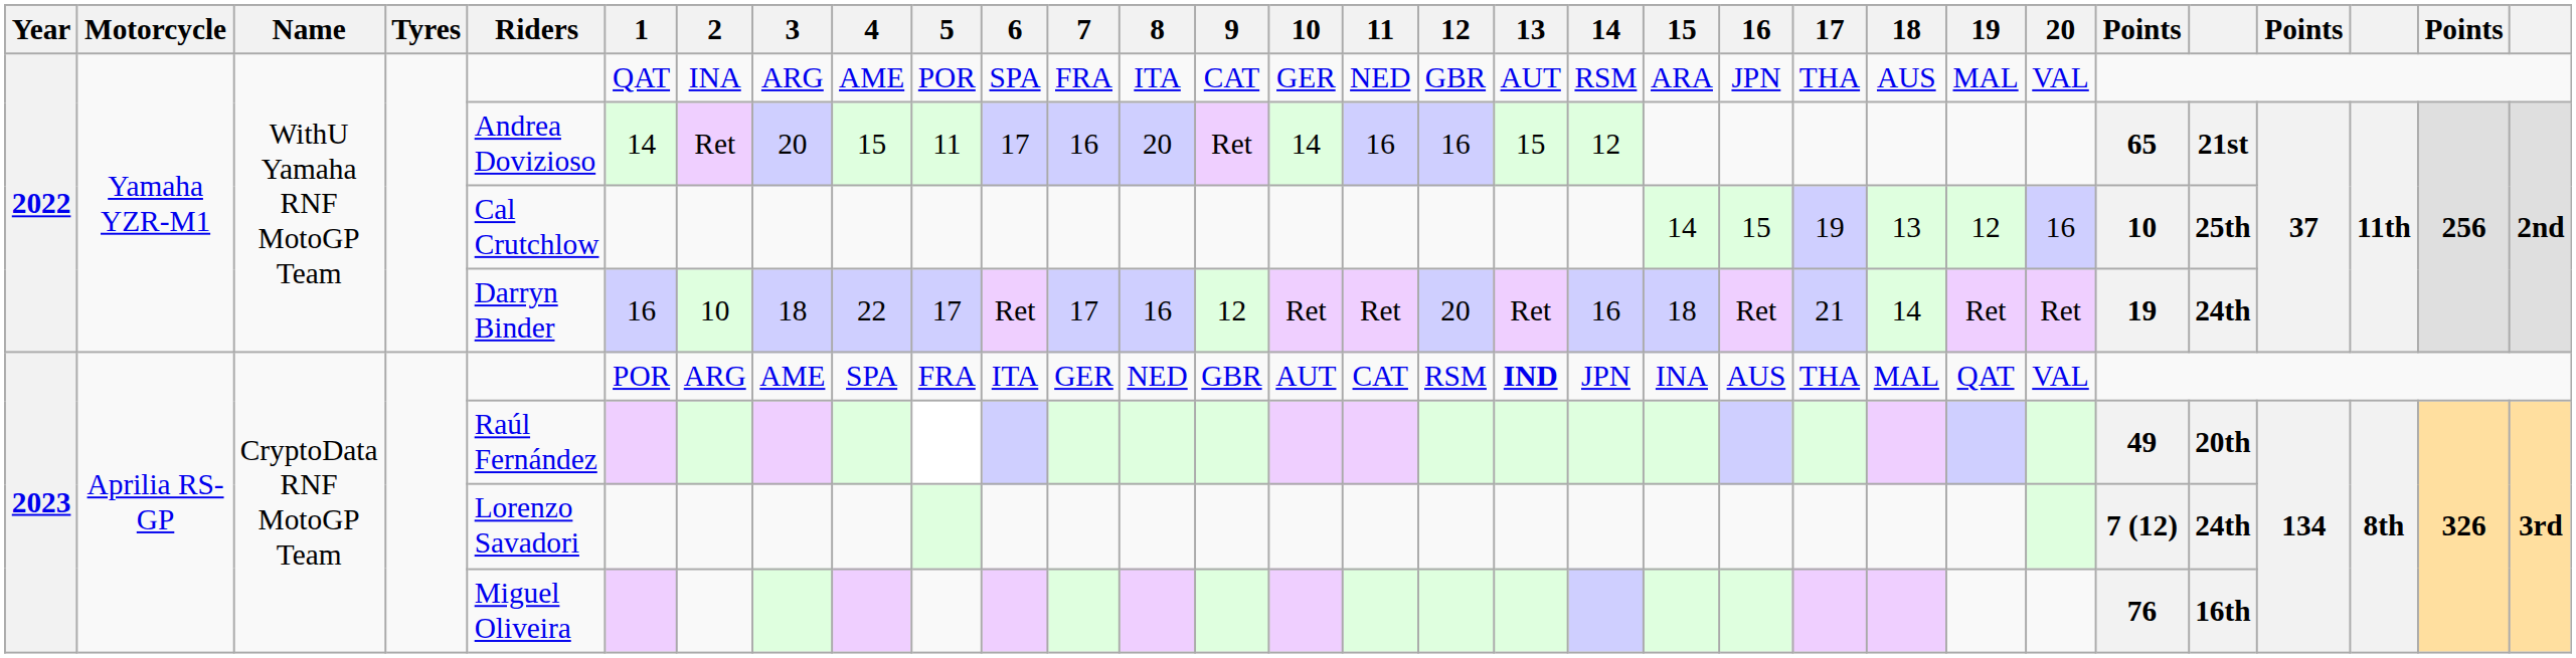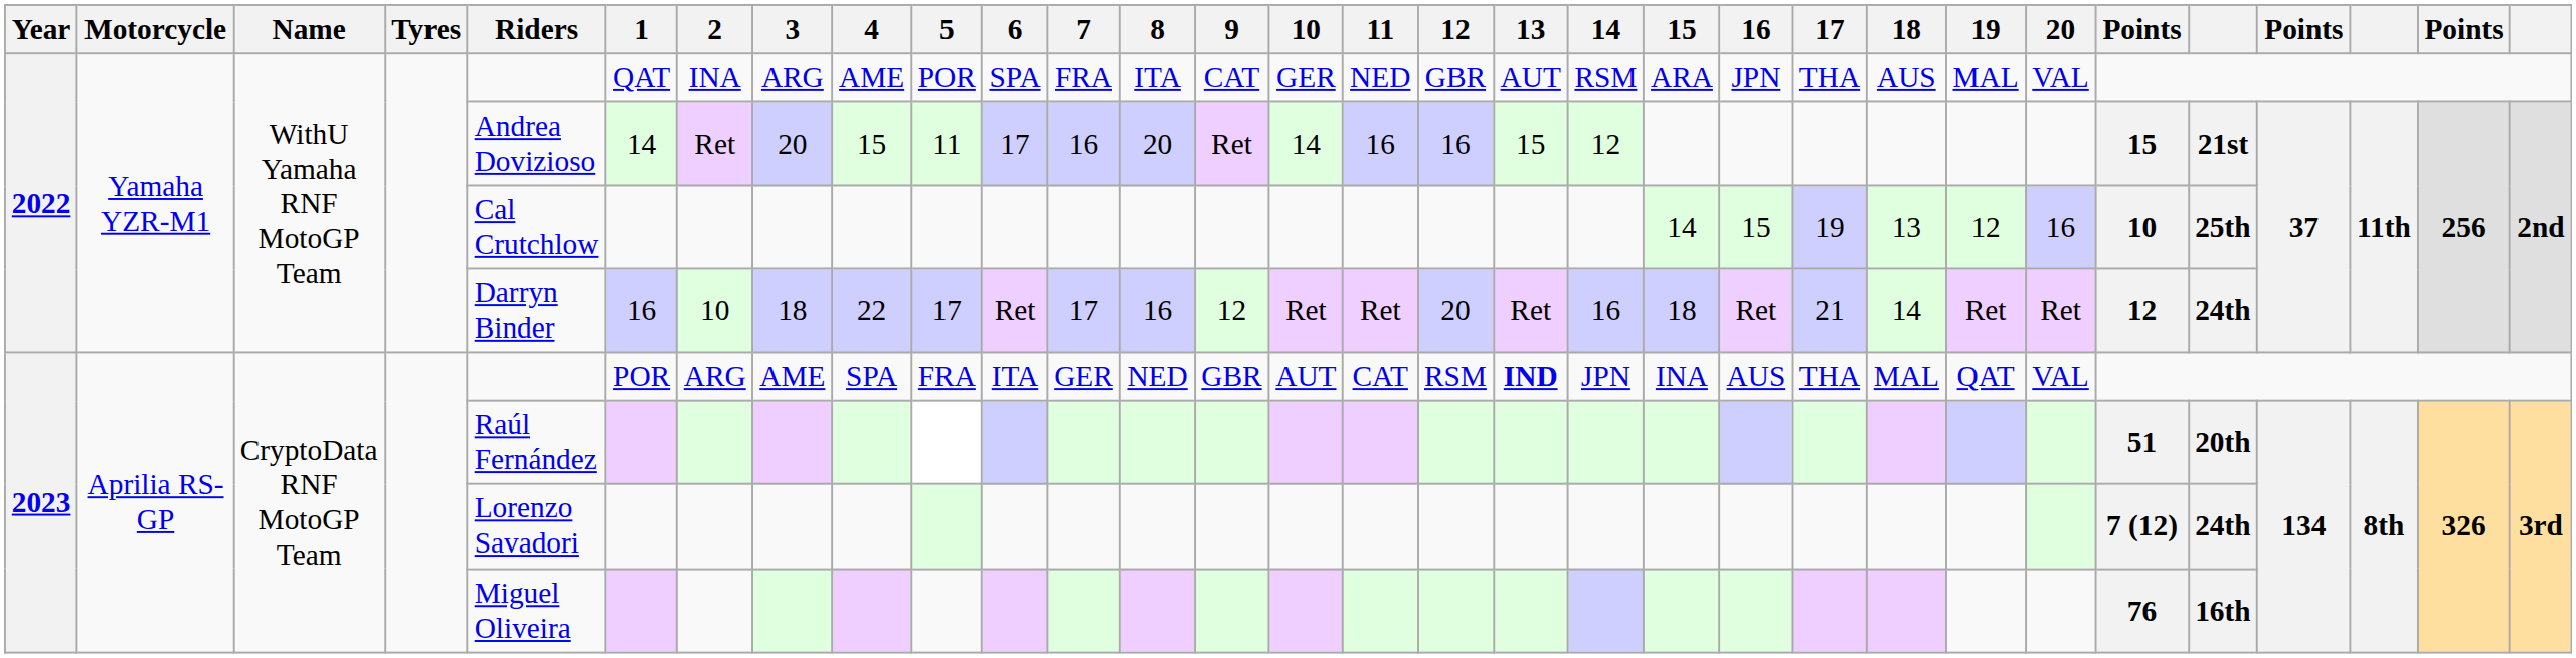 <table class="wikitable" border="1" style="text-align:center; font-size:95%">
 <tr>
 <th scope="col">Year</th>
 <th scope="col">Motorcycle</th>
 <th scope="col">Name</th>
 <th scope="col">Tyres</th>
 <th scope="col">Riders</th>
 <th scope="col">1</th>
 <th scope="col">2</th>
 <th scope="col">3</th>
 <th scope="col">4</th>
 <th scope="col">5</th>
 <th scope="col">6</th>
 <th scope="col">7</th>
 <th scope="col">8</th>
 <th scope="col">9</th>
 <th scope="col">10</th>
 <th scope="col">11</th>
 <th scope="col">12</th>
 <th scope="col">13</th>
 <th scope="col">14</th>
 <th scope="col">15</th>
 <th scope="col">16</th>
 <th scope="col">17</th>
 <th scope="col">18</th>
 <th scope="col">19</th>
 <th scope="col">20</th>
 <th>Points</th>
 <th></th>
 <th>Points</th>
 <th></th>
 <th>Points</th>
 <th></th>
 </tr>
 <tr>
 <th rowspan="4"><a href='#'>2022</a></th>
 <td rowspan="4"><a href='#'>Yamaha YZR-M1</a></td>
 <td rowspan="4">WithU Yamaha RNF MotoGP Team</td>
 <td rowspan="4"></td>
 <td></td>
 <td><a href='#'>QAT</a></td>
 <td><a href='#'>INA</a></td>
 <td><a href='#'>ARG</a></td>
 <td><a href='#'>AME</a></td>
 <td><a href='#'>POR</a></td>
 <td><a href='#'>SPA</a></td>
 <td><a href='#'>FRA</a></td>
 <td><a href='#'>ITA</a></td>
 <td><a href='#'>CAT</a></td>
 <td><a href='#'>GER</a></td>
 <td><a href='#'>NED</a></td>
 <td><a href='#'>GBR</a></td>
 <td><a href='#'>AUT</a></td>
 <td><a href='#'>RSM</a></td>
 <td><a href='#'>ARA</a></td>
 <td><a href='#'>JPN</a></td>
 <td><a href='#'>THA</a></td>
 <td><a href='#'>AUS</a></td>
 <td><a href='#'>MAL</a></td>
 <td><a href='#'>VAL</a></td>
 <td colspan="6"></td>
 </tr>
 <tr>
 <td align="left"> <a href='#'>Andrea Dovizioso</a></td>
 <td style="background:#DFFFDF;">14</td>
 <td style="background:#efcfff;">Ret</td>
 <td style="background:#cfcfff;">20</td>
 <td style="background:#DFFFDF;">15</td>
 <td style="background:#DFFFDF;">11</td>
 <td style="background:#cfcfff;">17</td>
 <td style="background:#cfcfff;">16</td>
 <td style="background:#cfcfff;">20</td>
 <td style="background:#efcfff;">Ret</td>
 <td style="background:#DFFFDF;">14</td>
 <td style="background:#cfcfff;">16</td>
 <td style="background:#cfcfff;">16</td>
 <td style="background:#DFFFDF;">15</td>
 <td style="background:#DFFFDF;">12</td>
 <td></td>
 <td></td>
 <td></td>
 <td></td>
 <td></td>
 <td></td>
-<th>65</th>
+<th>15</th>
 <th>21st</th>
 <th rowspan="3">37</th>
 <th rowspan="3">11th</th>
 <th rowspan="3" style="background:#dfdfdf;">256</th>
 <th rowspan="3" style="background:#dfdfdf;">2nd</th>
 </tr>
 <tr>
 <td align="left"> <a href='#'>Cal Crutchlow</a></td>
 <td></td>
 <td></td>
 <td></td>
 <td></td>
 <td></td>
 <td></td>
 <td></td>
 <td></td>
 <td></td>
 <td></td>
 <td></td>
 <td></td>
 <td></td>
 <td></td>
 <td style="background:#DFFFDF;">14</td>
 <td style="background:#DFFFDF;">15</td>
 <td style="background:#cfcfff;">19</td>
 <td style="background:#DFFFDF;">13</td>
 <td style="background:#DFFFDF;">12</td>
 <td style="background:#cfcfff;">16</td>
 <th>10</th>
 <th>25th</th>
 </tr>
 <tr>
 <td align="left"> <a href='#'>Darryn Binder</a></td>
 <td style="background:#cfcfff;">16</td>
 <td style="background:#DFFFDF;">10</td>
 <td style="background:#cfcfff;">18</td>
 <td style="background:#cfcfff;">22</td>
 <td style="background:#cfcfff;">17</td>
 <td style="background:#efcfff;">Ret</td>
 <td style="background:#cfcfff;">17</td>
 <td style="background:#cfcfff;">16</td>
 <td style="background:#DFFFDF;">12</td>
 <td style="background:#efcfff;">Ret</td>
 <td style="background:#efcfff;">Ret</td>
 <td style="background:#cfcfff;">20</td>
 <td style="background:#efcfff;">Ret</td>
 <td style="background:#cfcfff;">16</td>
 <td style="background:#cfcfff;">18</td>
 <td style="background:#efcfff;">Ret</td>
 <td style="background:#cfcfff;">21</td>
 <td style="background:#DFFFDF;">14</td>
 <td style="background:#efcfff;">Ret</td>
 <td style="background:#efcfff;">Ret</td>
-<th>19</th>
+<th>12</th>
 <th>24th</th>
 </tr>
 <tr>
 <th rowspan="5"><a href='#'>2023</a></th>
 <td rowspan="5"><a href='#'>Aprilia RS-GP</a></td>
 <td rowspan="5">CryptoData RNF MotoGP Team</td>
 <td rowspan="5"></td>
 <td></td>
 <td><a href='#'>POR</a></td>
 <td><a href='#'>ARG</a></td>
 <td><a href='#'>AME</a></td>
 <td><a href='#'>SPA</a></td>
 <td><a href='#'>FRA</a></td>
 <td><a href='#'>ITA</a></td>
 <td><a href='#'>GER</a></td>
 <td><a href='#'>NED</a></td>
 <td><a href='#'>GBR</a></td>
 <td><a href='#'>AUT</a></td>
 <td><a href='#'>CAT</a></td>
 <td><a href='#'>RSM</a></td>
 <td><strong><a href='#'>IND</a></strong></td>
 <td><a href='#'>JPN</a></td>
 <td><a href='#'>INA</a></td>
 <td><a href='#'>AUS</a></td>
 <td><a href='#'>THA</a></td>
 <td><a href='#'>MAL</a></td>
 <td><a href='#'>QAT</a></td>
 <td><a href='#'>VAL</a></td>
 <td colspan="6"></td>
 </tr>
 <tr>
 <td align="left"> <a href='#'>Raúl Fernández</a></td>
 <td style="background:#efcfff;"></td>
 <td style="background:#dfffdf;"></td>
 <td style="background:#efcfff;"></td>
 <td style="background:#dfffdf;"></td>
 <td style="background:#FFFFFF;"></td>
 <td style="background:#cfcfff;"></td>
 <td style="background:#dfffdf;"></td>
 <td style="background:#dfffdf;"></td>
 <td style="background:#dfffdf;"></td>
 <td style="background:#efcfff;"></td>
 <td style="background:#efcfff;"></td>
 <td style="background:#dfffdf;"></td>
 <td style="background:#dfffdf;"></td>
 <td style="background:#dfffdf;"></td>
 <td style="background:#dfffdf;"></td>
 <td style="background:#cfcfff;"></td>
 <td style="background:#dfffdf;"></td>
 <td style="background:#efcfff;"></td>
 <td style="background:#cfcfff;"></td>
 <td style="background:#dfffdf;"></td>
-<th>49</th>
+<th>51</th>
 <th>20th</th>
 <th rowspan="3">134</th>
 <th rowspan="3">8th</th>
 <th rowspan="3" style="background:#ffdf9f;">326</th>
 <th rowspan="3" style="background:#ffdf9f;">3rd</th>
 </tr>
 <tr>
 <td align="left"> <a href='#'>Lorenzo Savadori</a></td>
 <td style="background:#;"></td>
 <td style="background:#;"></td>
 <td style="background:#;"></td>
 <td style="background:#;"></td>
 <td style="background:#dfffdf;"></td>
 <td style="background:#;"></td>
 <td style="background:#;"></td>
 <td style="background:#;"></td>
 <td style="background:#;"></td>
 <td style="background:#;"></td>
 <td style="background:#;"></td>
 <td style="background:#;"></td>
 <td style="background:#;"></td>
 <td style="background:#;"></td>
 <td style="background:#;"></td>
 <td style="background:#;"></td>
 <td style="background:#;"></td>
 <td style="background:#;"></td>
 <td style="background:#;"></td>
 <td style="background:#dfffdf;"></td>
 <th>7 (12)</th>
 <th>24th</th>
 </tr>
 <tr>
 <td align="left"> <a href='#'>Miguel Oliveira</a></td>
 <td style="background:#efcfff;"></td>
 <td style="background:#;"></td>
 <td style="background:#dfffdf;"></td>
 <td style="background:#efcfff;"></td>
 <td style="background:#;"></td>
 <td style="background:#efcfff;"></td>
 <td style="background:#dfffdf;"></td>
 <td style="background:#efcfff;"></td>
 <td style="background:#dfffdf;"></td>
 <td style="background:#efcfff;"></td>
 <td style="background:#dfffdf;"></td>
 <td style="background:#dfffdf;"></td>
 <td style="background:#dfffdf;"></td>
 <td style="background:#cfcfff;"></td>
 <td style="background:#dfffdf;"></td>
 <td style="background:#dfffdf;"></td>
 <td style="background:#efcfff;"></td>
 <td style="background:#efcfff;"></td>
 <td style="background:#;"></td>
 <td style="background:#;"></td>
 <th>76</th>
 <th>16th</th>
 </tr>
 </table>
